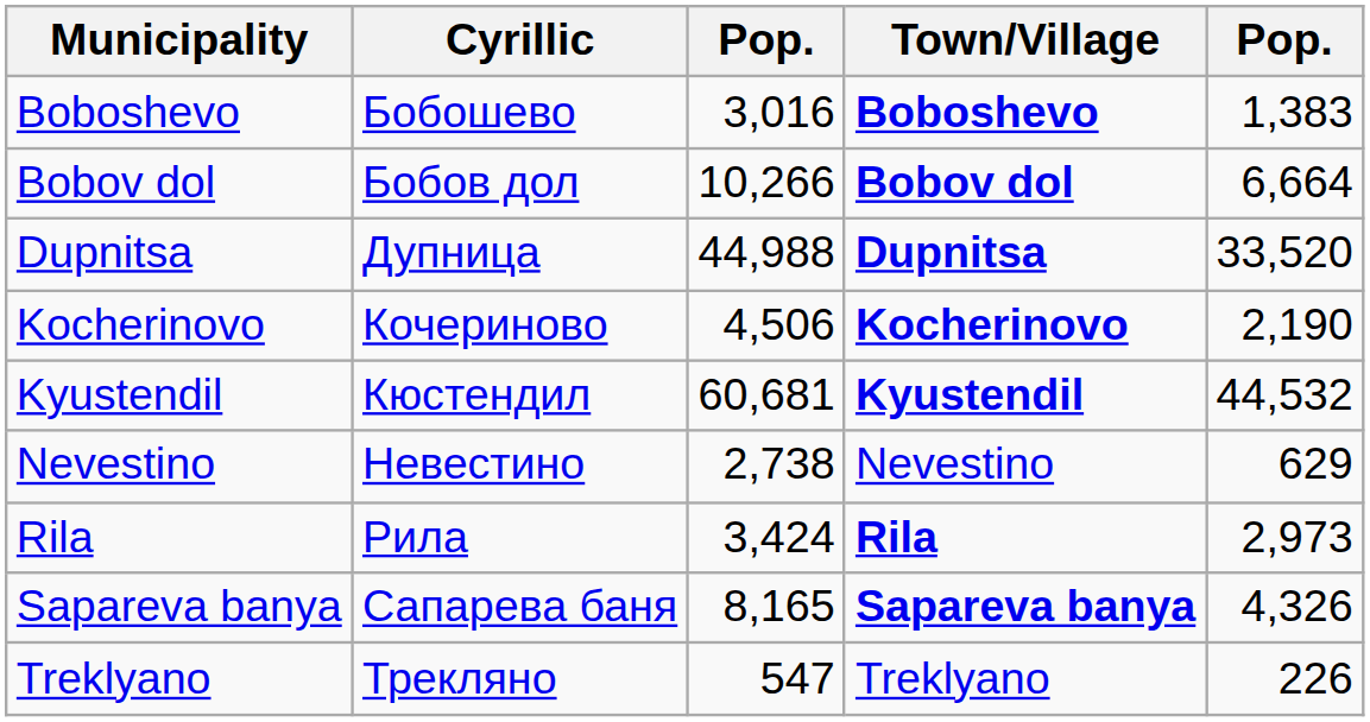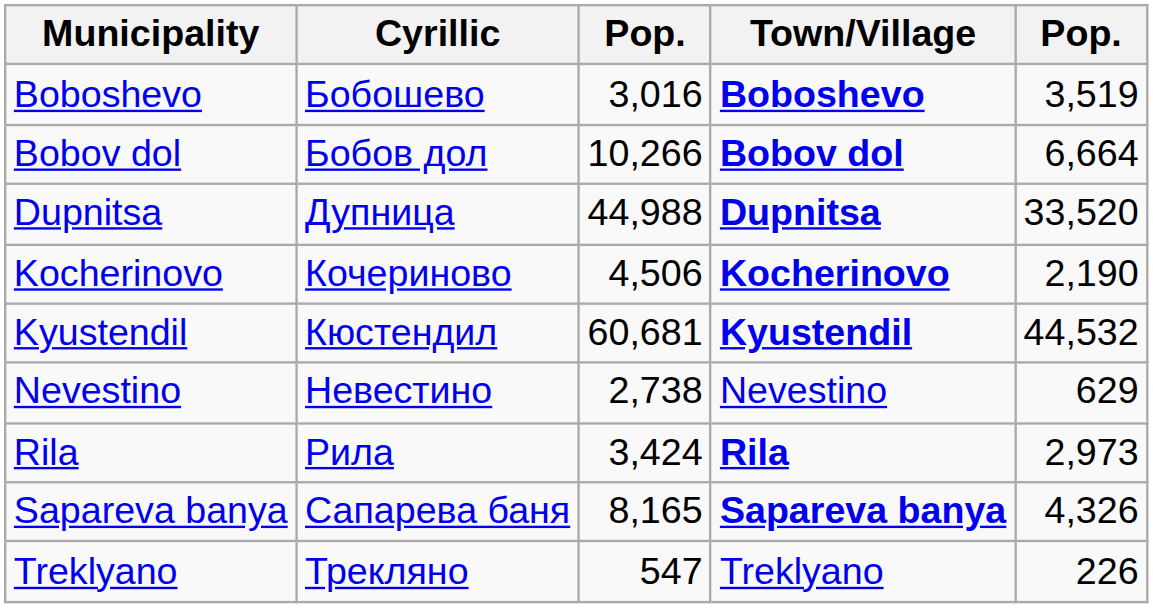 <table class="wikitable sortable">
 <tr>
 <th>Municipality</th>
 <th>Cyrillic</th>
 <th>Pop.</th>
 <th>Town/Village</th>
 <th>Pop.</th>
 </tr>
 <tr>
 <td><a href='#'>Boboshevo</a></td>
 <td><a href='#'>Бобошево</a></td>
 <td align="right">3,016</td>
 <td><strong><a href='#'>Boboshevo</a></strong></td>
-<td align="right">1,383</td>
+<td align="right">3,519</td>
 </tr>
 <tr>
 <td><a href='#'>Bobov dol</a></td>
 <td><a href='#'>Бобов дол</a></td>
 <td align="right">10,266</td>
 <td><strong><a href='#'>Bobov dol</a></strong></td>
 <td align="right">6,664</td>
 </tr>
 <tr>
 <td><a href='#'>Dupnitsa</a></td>
 <td><a href='#'>Дупница</a></td>
 <td align="right">44,988</td>
 <td><strong><a href='#'>Dupnitsa</a></strong></td>
 <td align="right">33,520</td>
 </tr>
 <tr>
 <td><a href='#'>Kocherinovo</a></td>
 <td><a href='#'>Кочериново</a></td>
 <td align="right">4,506</td>
 <td><strong><a href='#'>Kocherinovo</a></strong></td>
 <td align="right">2,190</td>
 </tr>
 <tr>
 <td><a href='#'>Kyustendil</a></td>
 <td><a href='#'>Кюстендил</a></td>
 <td align="right">60,681</td>
 <td><strong><a href='#'>Kyustendil</a></strong></td>
 <td align="right">44,532</td>
 </tr>
 <tr>
 <td><a href='#'>Nevestino</a></td>
 <td><a href='#'>Невестино</a></td>
 <td align="right">2,738</td>
 <td><a href='#'>Nevestino</a></td>
 <td align="right">629</td>
 </tr>
 <tr>
 <td><a href='#'>Rila</a></td>
 <td><a href='#'>Рила</a></td>
 <td align="right">3,424</td>
 <td><strong><a href='#'>Rila</a></strong></td>
 <td align="right">2,973</td>
 </tr>
 <tr>
 <td><a href='#'>Sapareva banya</a></td>
 <td><a href='#'>Сапарева баня</a></td>
 <td align="right">8,165</td>
 <td><strong><a href='#'>Sapareva banya</a></strong></td>
 <td align="right">4,326</td>
 </tr>
 <tr>
 <td><a href='#'>Treklyano</a></td>
 <td><a href='#'>Трекляно</a></td>
 <td align="right">547</td>
 <td><a href='#'>Treklyano</a></td>
 <td align="right">226</td>
 </tr>
 </table>
